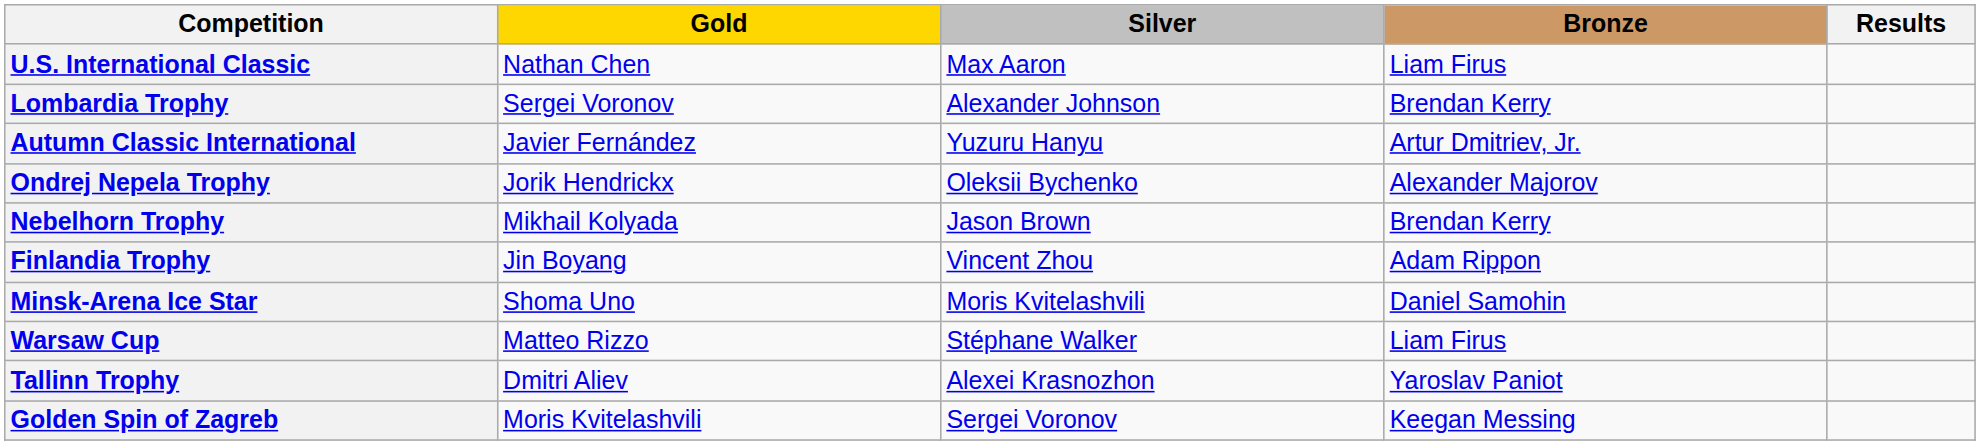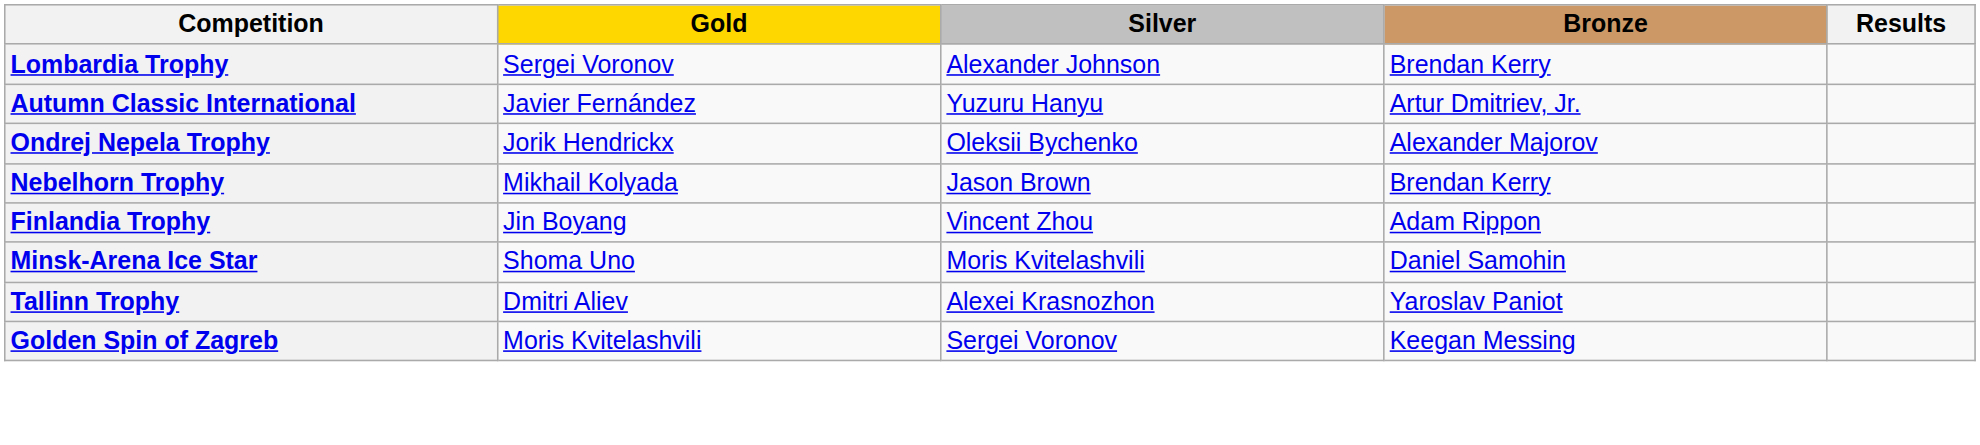 <table class="wikitable unsortable" style="text-align:left; width:100%;">
 <tr>
 <th scope="col" style="text-align:center; width:25%;">Competition</th>
 <td scope="col" style="text-align:center; width:22.5%; background:gold"><strong>Gold</strong></td>
 <td scope="col" style="text-align:center; width:22.5%; background:silver"><strong>Silver</strong></td>
 <td scope="col" style="text-align:center; width:22.5%; background:#c96"><strong>Bronze</strong></td>
 <th scope="col" style="text-align:center; width:7.5%;">Results</th>
-</tr>
-<tr>
-<th scope="row" style="text-align:left"> <a href='#'>U.S. International Classic</a></th>
-<td> <a href='#'>Nathan Chen</a></td>
-<td> <a href='#'>Max Aaron</a></td>
-<td> <a href='#'>Liam Firus</a></td>
-<td></td>
 </tr>
 <tr>
 <th scope="row" style="text-align:left"> <a href='#'>Lombardia Trophy</a></th>
 <td> <a href='#'>Sergei Voronov</a></td>
 <td> <a href='#'>Alexander Johnson</a></td>
 <td> <a href='#'>Brendan Kerry</a></td>
 <td></td>
 </tr>
 <tr>
 <th scope="row" style="text-align:left"> <a href='#'>Autumn Classic International</a></th>
 <td> <a href='#'>Javier Fernández</a></td>
 <td> <a href='#'>Yuzuru Hanyu</a></td>
 <td> <a href='#'>Artur Dmitriev, Jr.</a></td>
 <td></td>
 </tr>
 <tr>
 <th scope="row" style="text-align:left"> <a href='#'>Ondrej Nepela Trophy</a></th>
 <td> <a href='#'>Jorik Hendrickx</a></td>
 <td> <a href='#'>Oleksii Bychenko</a></td>
 <td> <a href='#'>Alexander Majorov</a></td>
 <td></td>
 </tr>
 <tr>
 <th scope="row" style="text-align:left"> <a href='#'>Nebelhorn Trophy</a></th>
 <td> <a href='#'>Mikhail Kolyada</a></td>
 <td> <a href='#'>Jason Brown</a></td>
 <td> <a href='#'>Brendan Kerry</a></td>
 <td></td>
 </tr>
 <tr>
 <th scope="row" style="text-align:left"> <a href='#'>Finlandia Trophy</a></th>
 <td> <a href='#'>Jin Boyang</a></td>
 <td> <a href='#'>Vincent Zhou</a></td>
 <td> <a href='#'>Adam Rippon</a></td>
 <td></td>
 </tr>
 <tr>
 <th scope="row" style="text-align:left"> <a href='#'>Minsk-Arena Ice Star</a></th>
 <td> <a href='#'>Shoma Uno</a></td>
 <td> <a href='#'>Moris Kvitelashvili</a></td>
 <td> <a href='#'>Daniel Samohin</a></td>
 <td></td>
 </tr>
 <tr>
-<th scope="row" style="text-align:left"> <a href='#'>Warsaw Cup</a></th>
-<td> <a href='#'>Matteo Rizzo</a></td>
-<td> <a href='#'>Stéphane Walker</a></td>
-<td> <a href='#'>Liam Firus</a></td>
-<td></td>
-</tr>
-<tr>
 <th scope="row" style="text-align:left"> <a href='#'>Tallinn Trophy</a></th>
 <td> <a href='#'>Dmitri Aliev</a></td>
 <td> <a href='#'>Alexei Krasnozhon</a></td>
 <td> <a href='#'>Yaroslav Paniot</a></td>
 <td></td>
 </tr>
 <tr>
 <th scope="row" style="text-align:left"> <a href='#'>Golden Spin of Zagreb</a></th>
 <td> <a href='#'>Moris Kvitelashvili</a></td>
 <td> <a href='#'>Sergei Voronov</a></td>
 <td> <a href='#'>Keegan Messing</a></td>
 <td></td>
 </tr>
 </table>
